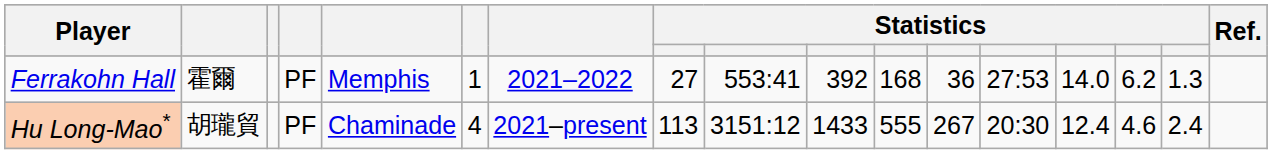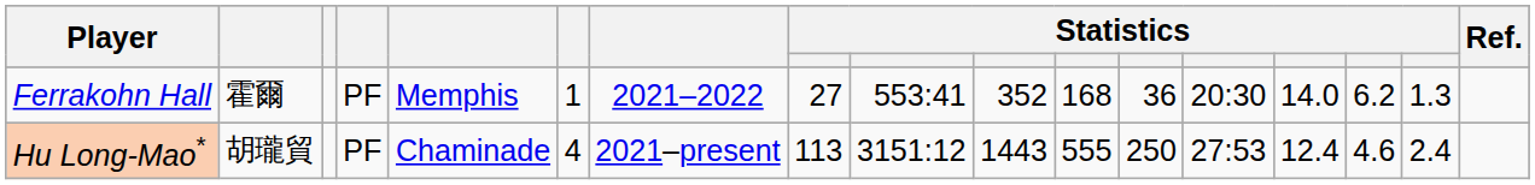 <table class="wikitable sortable" style="font-size:95%; text-align:right;">
 <tr>
 <th rowspan="2">Player</th>
 <th rowspan="2"></th>
 <th rowspan="2"></th>
 <th rowspan="2"></th>
 <th rowspan="2"></th>
 <th rowspan="2"></th>
 <th rowspan="2"></th>
 <th colspan="9">Statistics</th>
 <th rowspan="2">Ref.</th>
 </tr>
 <tr>
 <th></th>
 <th></th>
 <th></th>
 <th></th>
 <th></th>
 <th></th>
 <th></th>
 <th></th>
 <th></th>
 </tr>
 <tr>
 <td align="left"><em><a href='#'>Ferrakohn Hall</a></em></td>
 <td align="left">霍爾</td>
 <td align="center"></td>
 <td align="center">PF</td>
 <td align="left"><a href='#'>Memphis</a></td>
 <td align="center">1</td>
 <td align="center"><a href='#'>2021–2022</a></td>
 <td>27</td>
 <td>553:41</td>
-<td>392</td>
+<td>352</td>
 <td>168</td>
 <td>36</td>
-<td>27:53</td>
+<td>20:30</td>
 <td>14.0</td>
 <td>6.2</td>
 <td>1.3</td>
 <td align="center"></td>
 </tr>
 <tr>
 <td align="left" bgcolor="#FBCEB1"><em>Hu Long-Mao</em><sup>*</sup></td>
 <td align="left">胡瓏貿</td>
 <td align="center"></td>
 <td align="center">PF</td>
 <td align="left"><a href='#'>Chaminade</a></td>
 <td align="center">4</td>
 <td align="center"><a href='#'>2021</a>–<a href='#'>present</a></td>
 <td>113</td>
 <td>3151:12</td>
-<td>1433</td>
+<td>1443</td>
 <td>555</td>
-<td>267</td>
-<td>20:30</td>
+<td>250</td>
+<td>27:53</td>
 <td>12.4</td>
 <td>4.6</td>
 <td>2.4</td>
 <td align="center"></td>
 </tr>
 </table>
